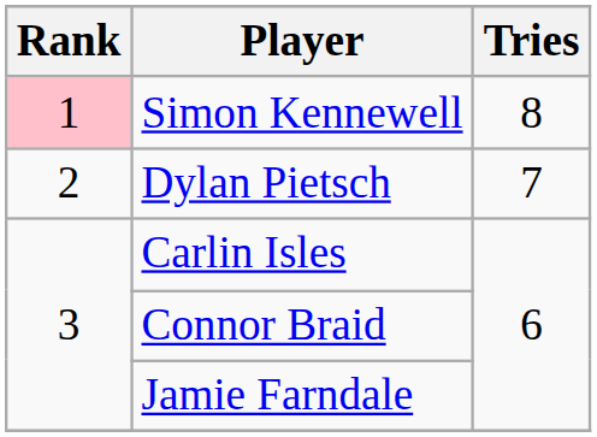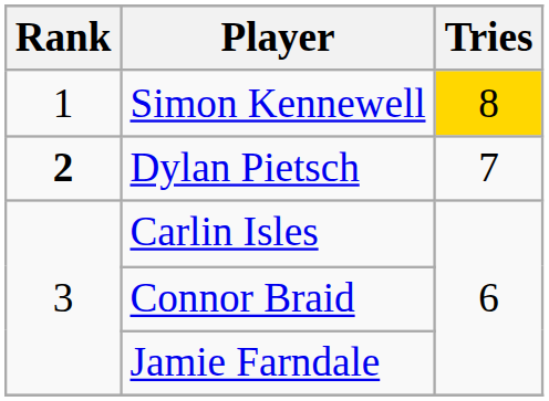 <table class="wikitable sortable">
 <tr>
 </tr>
 <tr>
 <th>Rank</th>
 <th>Player</th>
 <th>Tries</th>
 </tr>
 <tr>
-<td align=center style="background: pink;">1</td>
+<td align=center>1</td>
 <td> <a href='#'>Simon Kennewell</a></td>
-<td align=center>8</td>
+<td align=center style="background: gold;">8</td>
 </tr>
 <tr>
-<td align=center>2</td>
+<td align=center><strong>2</strong></td>
 <td> <a href='#'>Dylan Pietsch</a></td>
 <td align=center>7</td>
 </tr>
 <tr>
 <td align=center rowspan=3>3</td>
 <td> <a href='#'>Carlin Isles</a></td>
 <td align=center rowspan=3>6</td>
 </tr>
 <tr>
 <td> <a href='#'>Connor Braid</a></td>
 </tr>
 <tr>
 <td> <a href='#'>Jamie Farndale</a></td>
 </tr>
 <tr>
 </tr>
 </table>
